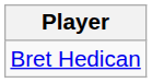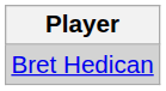 <table class="wikitable">
 <tr>
 <th>Player</th>
 </tr>
 <tr>
-<td><a href='#'>Bret Hedican</a></td>
+<td style="background: lightgrey;"><a href='#'>Bret Hedican</a></td>
 </tr>
 </table>
